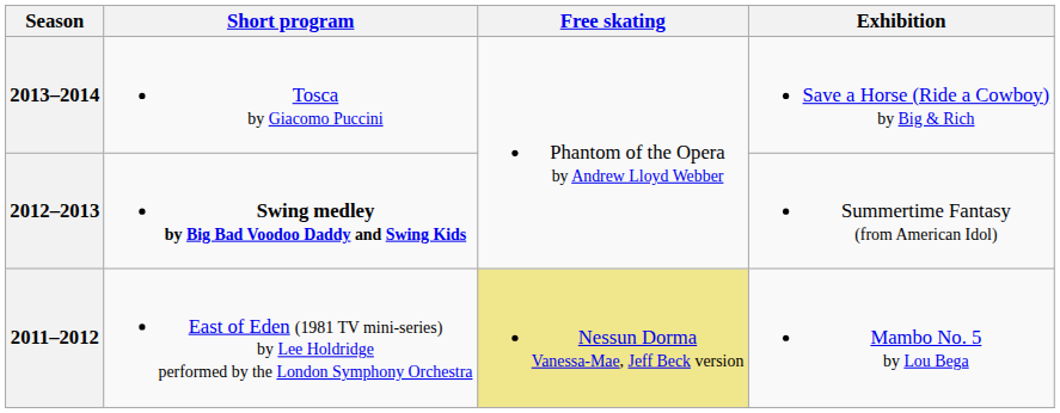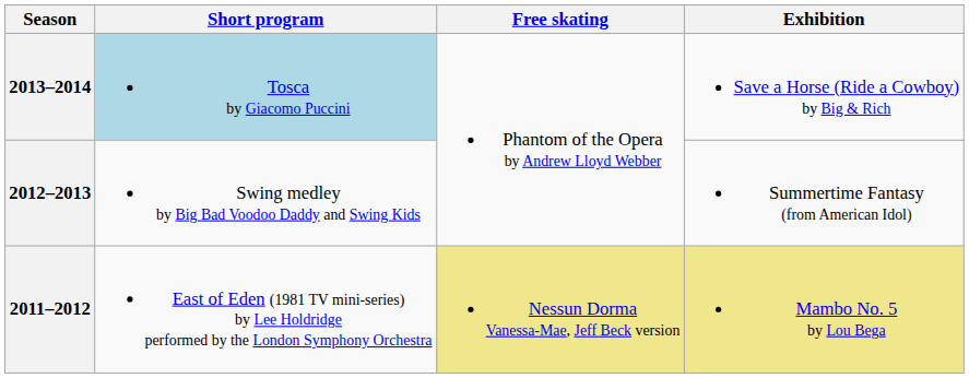 <table class="wikitable" style="text-align:center">
 <tr>
 <th>Season</th>
 <th><a href='#'>Short program</a></th>
 <th><a href='#'>Free skating</a></th>
 <th>Exhibition</th>
 </tr>
 <tr>
 <th>2013–2014 <br> </th>
-<td><br><ul><li><a href='#'>Tosca</a> <br><small> by <a href='#'>Giacomo Puccini</a> </small></li></ul></td>
+<td style="background: lightblue;"><br><ul><li><a href='#'>Tosca</a> <br><small> by <a href='#'>Giacomo Puccini</a> </small></li></ul></td>
 <td rowspan=2><br><ul><li>Phantom of the Opera <br><small> by <a href='#'>Andrew Lloyd Webber</a> </small></li></ul></td>
 <td><br><ul><li><a href='#'>Save a Horse (Ride a Cowboy)</a> <br><small> by <a href='#'>Big & Rich</a> </small></li></ul></td>
 </tr>
 <tr>
 <th>2012–2013 <br> </th>
-<td><strong><br><ul><li>Swing medley <br><small> by <a href='#'>Big Bad Voodoo Daddy</a> and <a href='#'>Swing Kids</a> </small></li></ul></strong></td>
+<td><br><ul><li>Swing medley <br><small> by <a href='#'>Big Bad Voodoo Daddy</a> and <a href='#'>Swing Kids</a> </small></li></ul></td>
 <td><br><ul><li>Summertime Fantasy <br><small> (from American Idol) </small></li></ul></td>
 </tr>
 <tr>
 <th>2011–2012 <br> </th>
 <td><br><ul><li><a href='#'>East of Eden</a> <small> (1981 TV mini-series) <br> by <a href='#'>Lee Holdridge</a> <br> performed by the <a href='#'>London Symphony Orchestra</a> </small></li></ul></td>
 <td style="background: khaki;"><br><ul><li><a href='#'>Nessun Dorma</a> <br><small> <a href='#'>Vanessa-Mae</a>, <a href='#'>Jeff Beck</a> version </small></li></ul></td>
-<td><br><ul><li><a href='#'>Mambo No. 5</a> <br><small> by <a href='#'>Lou Bega</a> </small></li></ul></td>
+<td style="background: khaki;"><br><ul><li><a href='#'>Mambo No. 5</a> <br><small> by <a href='#'>Lou Bega</a> </small></li></ul></td>
 </tr>
 </table>
